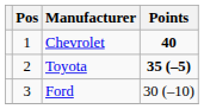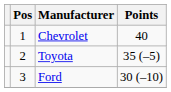 <table class="wikitable" style="font-size: 95%;">
 <tr>
 <th></th>
 <th>Pos</th>
 <th>Manufacturer</th>
 <th>Points</th>
 </tr>
 <tr>
 <td align="left"></td>
 <td style="text-align:center;">1</td>
 <td><a href='#'>Chevrolet</a></td>
-<td style="text-align:center;"><strong>40</strong></td>
+<td style="text-align:center;">40</td>
 </tr>
 <tr>
 <td align="left"></td>
 <td style="text-align:center;">2</td>
 <td><a href='#'>Toyota</a></td>
-<td style="text-align:center;"><strong>35 (–5)</strong></td>
+<td style="text-align:center;">35 (–5)</td>
 </tr>
 <tr>
 <td align="left"></td>
 <td style="text-align:center;">3</td>
 <td><a href='#'>Ford</a></td>
 <td style="text-align:center;">30 (–10)</td>
 </tr>
 <tr class="sortbottom">
 </tr>
 </table>
